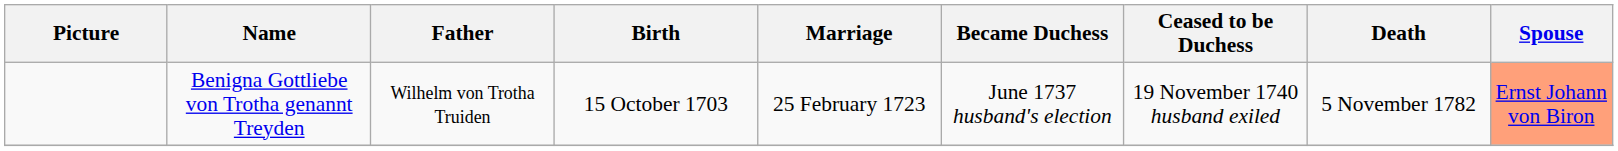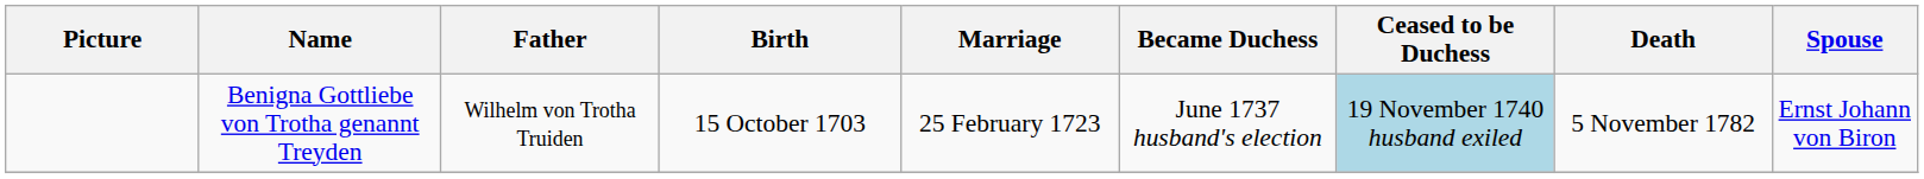 <table width=95% class="wikitable">
 <tr>
 <th width = "8%">Picture</th>
 <th width = "10%">Name</th>
 <th width = "9%">Father</th>
 <th width = "10%">Birth</th>
 <th width = "9%">Marriage</th>
 <th width = "9%">Became Duchess</th>
 <th width = "9%">Ceased to be Duchess</th>
 <th width = "9%">Death</th>
 <th width = "6%"><a href='#'>Spouse</a></th>
 </tr>
 <tr>
 <td align="center"></td>
 <td align="center"><a href='#'>Benigna Gottliebe von Trotha genannt Treyden</a></td>
 <td align="center"><small>Wilhelm von Trotha Truiden</small></td>
 <td align="center">15 October 1703</td>
 <td align="center">25 February 1723</td>
 <td align="center">June 1737<br><em>husband's election</em></td>
-<td align="center">19 November 1740<br><em>husband exiled</em></td>
+<td align="center" style="background: lightblue;">19 November 1740<br><em>husband exiled</em></td>
 <td align="center">5 November 1782</td>
-<td align="center" style="background: lightsalmon;"><a href='#'>Ernst Johann von Biron</a></td>
+<td align="center"><a href='#'>Ernst Johann von Biron</a></td>
 </tr>
 <tr>
 </tr>
 </table>
